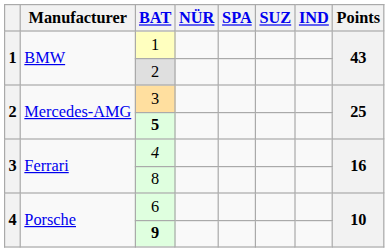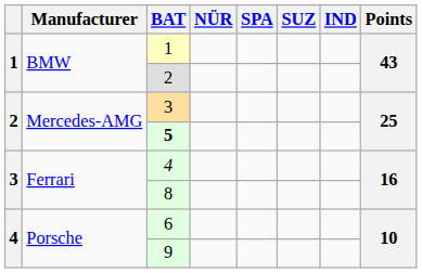 <table class="wikitable" style="font-size:85%; text-align:center;">
 <tr>
 <th></th>
 <th>Manufacturer</th>
 <th><a href='#'>BAT</a><br></th>
 <th><a href='#'>NÜR</a><br></th>
 <th><a href='#'>SPA</a><br></th>
 <th><a href='#'>SUZ</a><br></th>
 <th><a href='#'>IND</a><br></th>
 <th>Points</th>
 </tr>
 <tr>
 <th rowspan=2>1</th>
 <td rowspan=2 align=left> <a href='#'>BMW</a></td>
 <td style="background:#ffffbf;">1</td>
 <td style="background:#;"></td>
 <td style="background:#;"></td>
 <td style="background:#;"></td>
 <td style="background:#;"></td>
 <th rowspan=2>43</th>
 </tr>
 <tr>
 <td style="background:#dfdfdf;">2</td>
 <td style="background:#;"></td>
 <td style="background:#;"></td>
 <td style="background:#;"></td>
 <td style="background:#;"></td>
 </tr>
 <tr>
 <th rowspan=2>2</th>
 <td rowspan=2 align=left> <a href='#'>Mercedes-AMG</a></td>
 <td style="background:#ffdf9f;">3</td>
 <td style="background:#;"></td>
 <td style="background:#;"></td>
 <td style="background:#;"></td>
 <td style="background:#;"></td>
 <th rowspan=2>25</th>
 </tr>
 <tr>
 <td style="background:#dfffdf;"><strong>5</strong></td>
 <td style="background:#;"></td>
 <td style="background:#;"></td>
 <td style="background:#;"></td>
 <td style="background:#;"></td>
 </tr>
 <tr>
 <th rowspan=2>3</th>
 <td rowspan=2 align=left> <a href='#'>Ferrari</a></td>
 <td style="background:#dfffdf;"><em>4</em></td>
 <td style="background:#;"></td>
 <td style="background:#;"></td>
 <td style="background:#;"></td>
 <td style="background:#;"></td>
 <th rowspan=2>16</th>
 </tr>
 <tr>
 <td style="background:#dfffdf;">8</td>
 <td style="background:#;"></td>
 <td style="background:#;"></td>
 <td style="background:#;"></td>
 <td style="background:#;"></td>
 </tr>
 <tr>
 <th rowspan=2>4</th>
 <td rowspan=2 align=left> <a href='#'>Porsche</a></td>
 <td style="background:#dfffdf;">6</td>
 <td style="background:#;"></td>
 <td style="background:#;"></td>
 <td style="background:#;"></td>
 <td style="background:#;"></td>
 <th rowspan=2>10</th>
 </tr>
 <tr>
-<td style="background:#dfffdf;"><strong>9</strong></td>
+<td style="background:#dfffdf;">9</td>
 <td style="background:#;"></td>
 <td style="background:#;"></td>
 <td style="background:#;"></td>
 <td style="background:#;"></td>
 </tr>
 </table>
